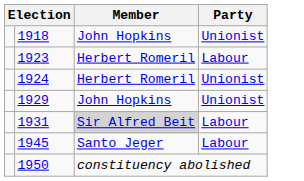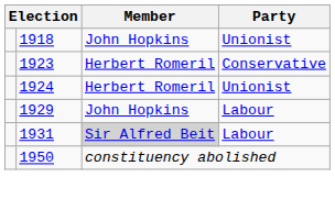 <table class="wikitable">
 <tr>
 <th colspan="2">Election</th>
 <th>Member </th>
 <th>Party</th>
 </tr>
 <tr>
 <td style="color:inherit;background-color: "></td>
 <td><a href='#'>1918</a></td>
 <td><a href='#'>John Hopkins</a></td>
 <td><a href='#'>Unionist</a></td>
 </tr>
 <tr>
 <td style="color:inherit;background-color: "></td>
 <td><a href='#'>1923</a></td>
 <td><a href='#'>Herbert Romeril</a></td>
-<td><a href='#'>Labour</a></td>
+<td><a href='#'>Conservative</a></td>
 </tr>
 <tr>
 <td style="color:inherit;background-color: "></td>
 <td><a href='#'>1924</a></td>
 <td><a href='#'>Herbert Romeril</a></td>
 <td><a href='#'>Unionist</a></td>
 </tr>
 <tr>
 <td style="color:inherit;background-color: "></td>
 <td><a href='#'>1929</a></td>
 <td><a href='#'>John Hopkins</a></td>
-<td><a href='#'>Unionist</a></td>
+<td><a href='#'>Labour</a></td>
 </tr>
 <tr>
 <td style="color:inherit;background-color: "></td>
 <td><a href='#'>1931</a></td>
 <td style="background: lightgrey;"><a href='#'>Sir Alfred Beit</a></td>
 <td><a href='#'>Labour</a></td>
 </tr>
 <tr>
-<td style="color:inherit;background-color: "></td>
-<td><a href='#'>1945</a></td>
-<td><a href='#'>Santo Jeger</a></td>
-<td><a href='#'>Labour</a></td>
-</tr>
-<tr>
 <td></td>
 <td><a href='#'>1950</a></td>
 <td colspan="2"><em>constituency abolished</em></td>
 </tr>
 </table>
